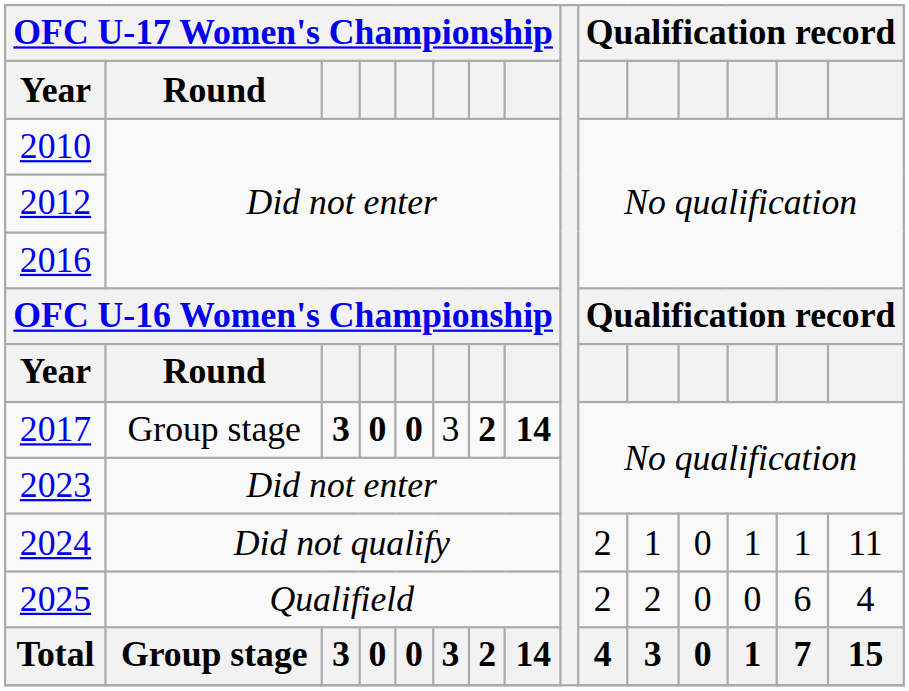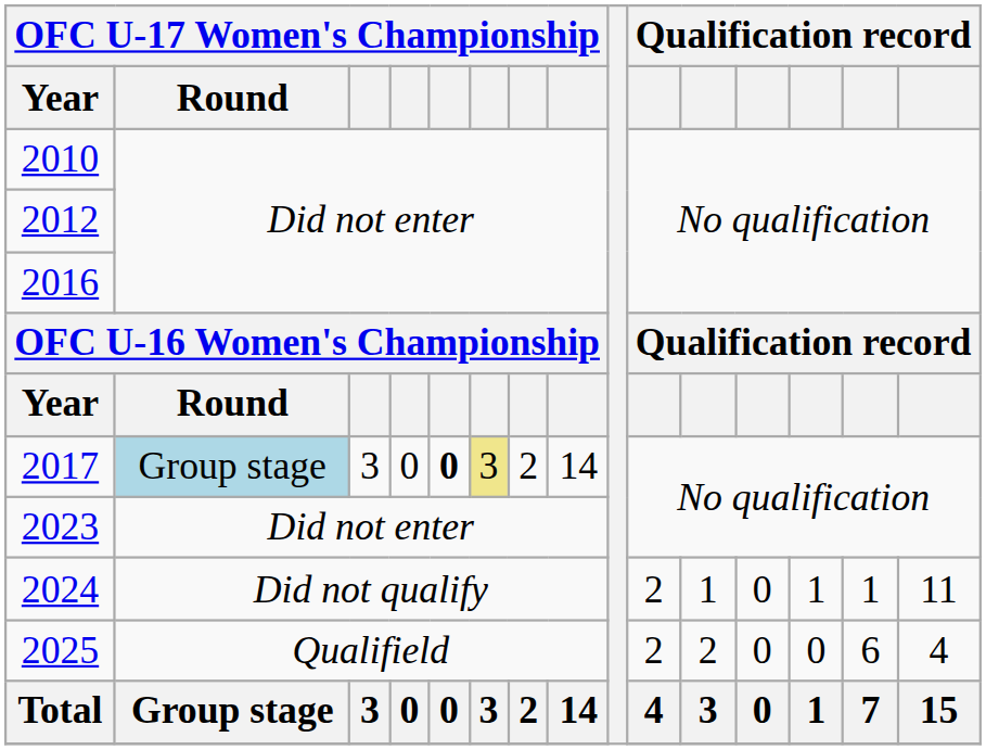 <table class="wikitable" style="text-align: center;">
 <tr>
 <th colspan=8><a href='#'>OFC U-17 Women's Championship</a></th>
 <th rowspan=30></th>
 <th colspan=6>Qualification record</th>
 </tr>
 <tr>
 <th>Year</th>
 <th>Round</th>
 <th></th>
 <th></th>
 <th></th>
 <th></th>
 <th></th>
 <th></th>
 <th></th>
 <th></th>
 <th></th>
 <th></th>
 <th></th>
 <th></th>
 </tr>
 <tr>
 <td> <a href='#'>2010</a></td>
 <td colspan=8 rowspan=3><em>Did not enter</em></td>
 <td colspan=6 rowspan=3><em>No qualification</em></td>
 </tr>
 <tr>
 <td> <a href='#'>2012</a></td>
 </tr>
 <tr>
 <td> <a href='#'>2016</a></td>
 </tr>
 <tr>
 <th colspan=8><a href='#'>OFC U-16 Women's Championship</a></th>
 <th colspan=6>Qualification record</th>
 </tr>
 <tr>
 <th>Year</th>
 <th>Round</th>
 <th></th>
 <th></th>
 <th></th>
 <th></th>
 <th></th>
 <th></th>
 <th></th>
 <th></th>
 <th></th>
 <th></th>
 <th></th>
 <th></th>
 </tr>
 <tr>
 <td> <a href='#'>2017</a></td>
-<td>Group stage</td>
-<td><strong>3</strong></td>
+<td style="background: lightblue;">Group stage</td>
+<td>3</td>
+<td>0</td>
 <td><strong>0</strong></td>
-<td><strong>0</strong></td>
-<td>3</td>
-<td><strong>2</strong></td>
-<td><strong>14</strong></td>
+<td style="background: khaki;">3</td>
+<td>2</td>
+<td>14</td>
 <td colspan=6 rowspan=2><em>No qualification</em></td>
 </tr>
 <tr>
 <td> <a href='#'>2023</a></td>
 <td colspan=8><em>Did not enter</em></td>
 </tr>
 <tr>
 <td> <a href='#'>2024</a></td>
 <td colspan=8><em>Did not qualify</em></td>
 <td>2</td>
 <td>1</td>
 <td>0</td>
 <td>1</td>
 <td>1</td>
 <td>11</td>
 </tr>
 <tr>
 <td> <a href='#'>2025</a></td>
 <td colspan=8><em>Qualifield</em></td>
 <td>2</td>
 <td>2</td>
 <td>0</td>
 <td>0</td>
 <td>6</td>
 <td>4</td>
 </tr>
 <tr>
 <th><strong>Total</strong></th>
 <th><strong>Group stage</strong></th>
 <th><strong>3</strong></th>
 <th><strong>0</strong></th>
 <th><strong>0</strong></th>
 <th><strong>3</strong></th>
 <th><strong>2</strong></th>
 <th><strong>14</strong></th>
 <th>4</th>
 <th>3</th>
 <th>0</th>
 <th>1</th>
 <th>7</th>
 <th>15</th>
 </tr>
 <tr>
 </tr>
 </table>
